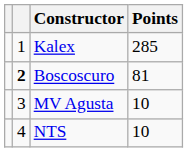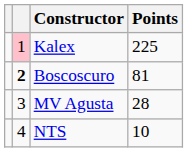 <table class="wikitable" style="font-size: 85%;">
 <tr>
 <th></th>
 <th></th>
 <th>Constructor</th>
 <th>Points</th>
 </tr>
 <tr>
 <td></td>
-<td align=center>1</td>
+<td align=center style="background: pink;">1</td>
 <td> <a href='#'>Kalex</a></td>
-<td align=left>285</td>
+<td align=left>225</td>
 </tr>
 <tr>
 <td></td>
 <td align=center><strong>2</strong></td>
 <td> <a href='#'>Boscoscuro</a></td>
 <td align=left>81</td>
 </tr>
 <tr>
 <td></td>
 <td align=center>3</td>
 <td> <a href='#'>MV Agusta</a></td>
-<td align=left>10</td>
+<td align=left>28</td>
 </tr>
 <tr>
 <td></td>
 <td align=center>4</td>
 <td> <a href='#'>NTS</a></td>
 <td align=left>10</td>
 </tr>
 </table>
